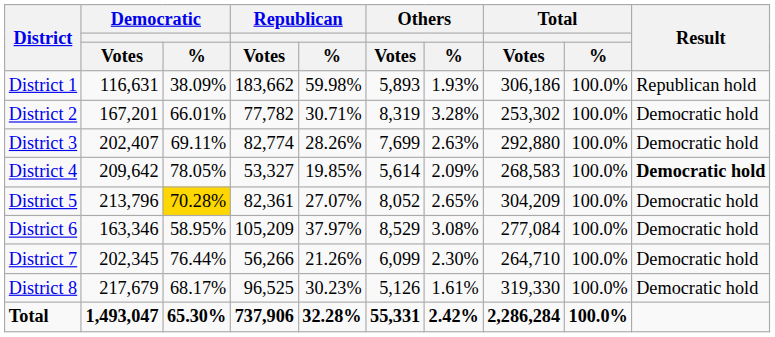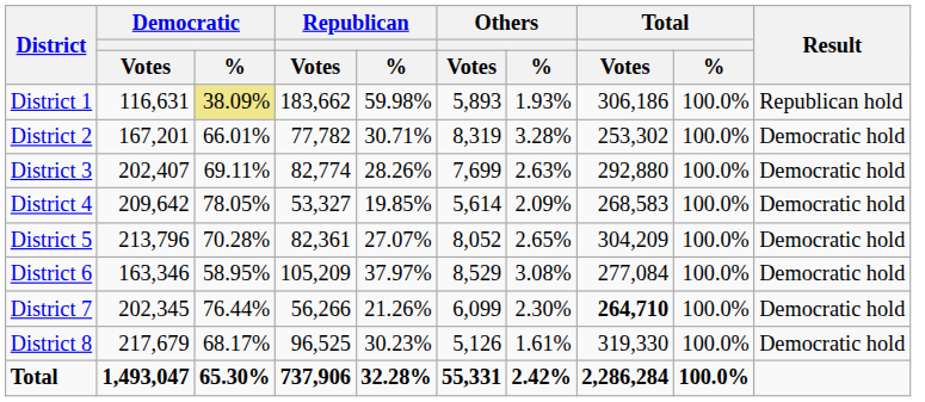 <table class="wikitable plainrowheaders sortable" style="font-size:100%; text-align:right;">
 <tr>
 <th scope=col rowspan=3><a href='#'>District</a></th>
 <th scope=col colspan=2><a href='#'>Democratic</a></th>
 <th scope=col colspan=2><a href='#'>Republican</a></th>
 <th scope=col colspan=2>Others</th>
 <th scope=col colspan=2>Total</th>
 <th scope=col rowspan=3>Result</th>
 </tr>
 <tr>
 <th scope=col colspan=2 style="background:"></th>
 <th scope=col colspan=2 style="background:"></th>
 <th scope=col colspan=2></th>
 <th scope=col colspan=2></th>
 </tr>
 <tr>
 <th scope=col data-sort-type="number">Votes</th>
 <th scope=col data-sort-type="number">%</th>
 <th scope=col data-sort-type="number">Votes</th>
 <th scope=col data-sort-type="number">%</th>
 <th scope=col data-sort-type="number">Votes</th>
 <th scope=col data-sort-type="number">%</th>
 <th scope=col data-sort-type="number">Votes</th>
 <th scope=col data-sort-type="number">%</th>
 </tr>
 <tr>
 <td align=left><a href='#'>District 1</a></td>
 <td>116,631</td>
-<td>38.09%</td>
+<td style="background: khaki;">38.09%</td>
 <td>183,662</td>
 <td>59.98%</td>
 <td>5,893</td>
 <td>1.93%</td>
 <td>306,186</td>
 <td>100.0%</td>
 <td align=left>Republican hold</td>
 </tr>
 <tr>
 <td align=left><a href='#'>District 2</a></td>
 <td>167,201</td>
 <td>66.01%</td>
 <td>77,782</td>
 <td>30.71%</td>
 <td>8,319</td>
 <td>3.28%</td>
 <td>253,302</td>
 <td>100.0%</td>
 <td align=left>Democratic hold</td>
 </tr>
 <tr>
 <td align=left><a href='#'>District 3</a></td>
 <td>202,407</td>
 <td>69.11%</td>
 <td>82,774</td>
 <td>28.26%</td>
 <td>7,699</td>
 <td>2.63%</td>
 <td>292,880</td>
 <td>100.0%</td>
 <td align=left>Democratic hold</td>
 </tr>
 <tr>
 <td align=left><a href='#'>District 4</a></td>
 <td>209,642</td>
 <td>78.05%</td>
 <td>53,327</td>
 <td>19.85%</td>
 <td>5,614</td>
 <td>2.09%</td>
 <td>268,583</td>
 <td>100.0%</td>
-<td align=left><strong>Democratic hold</strong></td>
+<td align=left>Democratic hold</td>
 </tr>
 <tr>
 <td align=left><a href='#'>District 5</a></td>
 <td>213,796</td>
-<td style="background: gold;">70.28%</td>
+<td>70.28%</td>
 <td>82,361</td>
 <td>27.07%</td>
 <td>8,052</td>
 <td>2.65%</td>
 <td>304,209</td>
 <td>100.0%</td>
 <td align=left>Democratic hold</td>
 </tr>
 <tr>
 <td align=left><a href='#'>District 6</a></td>
 <td>163,346</td>
 <td>58.95%</td>
 <td>105,209</td>
 <td>37.97%</td>
 <td>8,529</td>
 <td>3.08%</td>
 <td>277,084</td>
 <td>100.0%</td>
 <td align=left>Democratic hold</td>
 </tr>
 <tr>
 <td align=left><a href='#'>District 7</a></td>
 <td>202,345</td>
 <td>76.44%</td>
 <td>56,266</td>
 <td>21.26%</td>
 <td>6,099</td>
 <td>2.30%</td>
-<td>264,710</td>
+<td><strong>264,710</strong></td>
 <td>100.0%</td>
 <td align=left>Democratic hold</td>
 </tr>
 <tr>
 <td align=left><a href='#'>District 8</a></td>
 <td>217,679</td>
 <td>68.17%</td>
 <td>96,525</td>
 <td>30.23%</td>
 <td>5,126</td>
 <td>1.61%</td>
 <td>319,330</td>
 <td>100.0%</td>
 <td align=left>Democratic hold</td>
 </tr>
 <tr class="sortbottom" style="font-weight:bold">
 <td align=left>Total</td>
 <td>1,493,047</td>
 <td>65.30%</td>
 <td>737,906</td>
 <td>32.28%</td>
 <td>55,331</td>
 <td>2.42%</td>
 <td>2,286,284</td>
 <td>100.0%</td>
 <td></td>
 </tr>
 </table>
